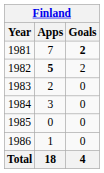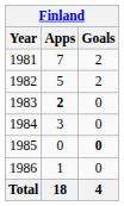 <table class=wikitable style=text-align:center>
 <tr>
 <th colspan=4><a href='#'>Finland</a></th>
 </tr>
 <tr>
 <th>Year</th>
 <th>Apps</th>
 <th>Goals</th>
 </tr>
 <tr>
 <td>1981</td>
 <td>7</td>
-<td><strong>2</strong></td>
+<td>2</td>
 </tr>
 <tr>
 <td>1982</td>
-<td><strong>5</strong></td>
+<td>5</td>
 <td>2</td>
 </tr>
 <tr>
 <td>1983</td>
-<td>2</td>
+<td><strong>2</strong></td>
 <td>0</td>
 </tr>
 <tr>
 <td>1984</td>
 <td>3</td>
 <td>0</td>
 </tr>
 <tr>
 <td>1985</td>
 <td>0</td>
-<td>0</td>
+<td><strong>0</strong></td>
 </tr>
 <tr>
 <td>1986</td>
 <td>1</td>
 <td>0</td>
 </tr>
 <tr>
 <th colspan=1>Total</th>
 <th>18</th>
 <th>4</th>
 </tr>
 </table>
